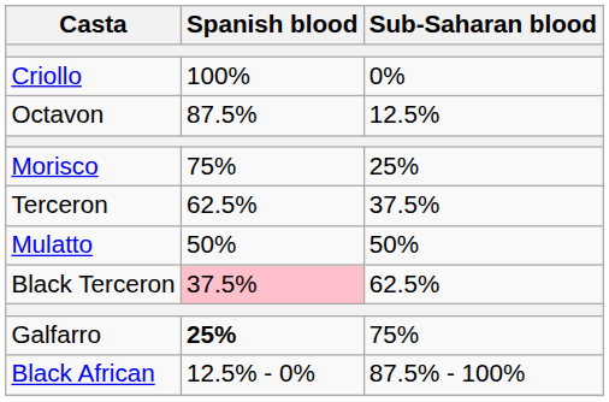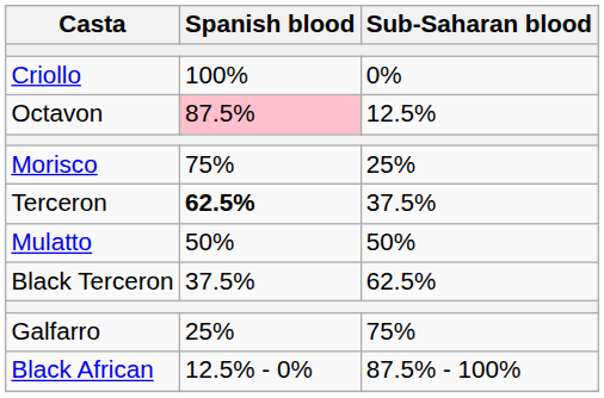 <table class="wikitable" style="float: center;">
 <tr>
 <th>Casta</th>
 <th>Spanish blood</th>
 <th>Sub-Saharan blood</th>
 </tr>
 <tr>
 <th colspan="8"></th>
 </tr>
 <tr>
 <td><a href='#'>Criollo</a></td>
 <td>100%</td>
 <td>0%</td>
 </tr>
 <tr>
 <td>Octavon</td>
-<td>87.5%</td>
+<td style="background: pink;">87.5%</td>
 <td>12.5%</td>
 </tr>
 <tr>
 <th colspan="8"></th>
 </tr>
 <tr>
 <td><a href='#'>Morisco</a></td>
 <td>75%</td>
 <td>25%</td>
 </tr>
 <tr>
 <td>Terceron</td>
-<td>62.5%</td>
+<td><strong>62.5%</strong></td>
 <td>37.5%</td>
 </tr>
 <tr>
 <td><a href='#'>Mulatto</a></td>
 <td>50%</td>
 <td>50%</td>
 </tr>
 <tr>
 <td>Black Terceron</td>
-<td style="background: pink;">37.5%</td>
+<td>37.5%</td>
 <td>62.5%</td>
 </tr>
 <tr>
 <th colspan="8"></th>
 </tr>
 <tr>
 <td>Galfarro</td>
-<td><strong>25%</strong></td>
+<td>25%</td>
 <td>75%</td>
 </tr>
 <tr>
 <td><a href='#'>Black African</a></td>
 <td>12.5% - 0%</td>
 <td>87.5% - 100%</td>
 </tr>
 <tr>
 </tr>
 </table>
